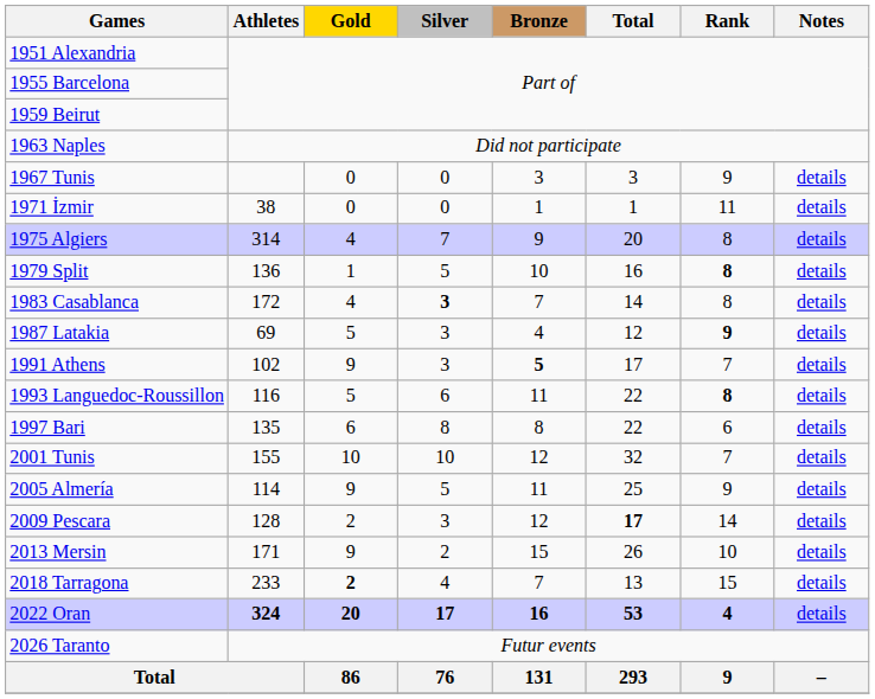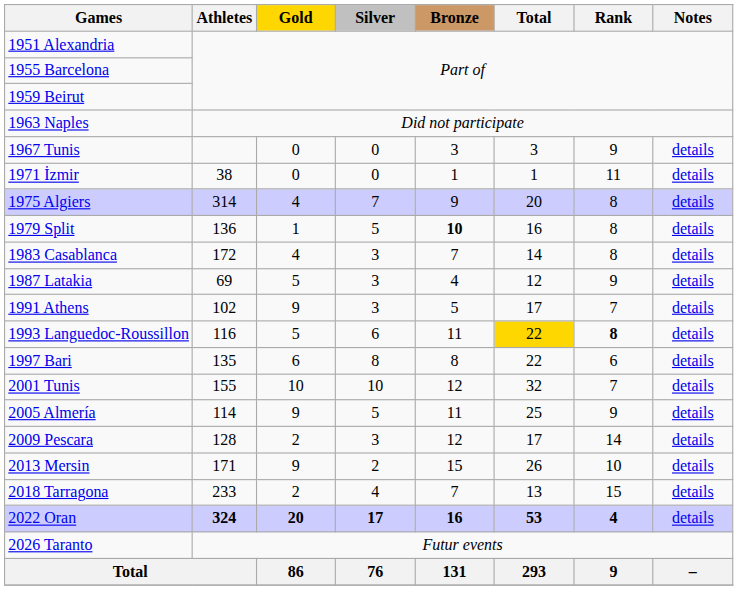 <table class="wikitable" style="font-size:90%; text-align:center;">
 <tr>
 <th>Games</th>
 <th>Athletes</th>
 <td style="background:gold; width:4.5em; font-weight:bold;">Gold</td>
 <td style="background:silver; width:4.5em; font-weight:bold;">Silver</td>
 <td style="background:#cc9966; width:4.5em; font-weight:bold;">Bronze</td>
 <th style="width:4.5em; font-weight:bold;">Total</th>
 <th style="width:4.5em; font-weight:bold;">Rank</th>
 <th style="width:4.5em; font-weight:bold;">Notes</th>
 </tr>
 <tr>
 <td align=left> <a href='#'>1951 Alexandria</a></td>
 <td colspan=7 rowspan=3><em>Part of </em></td>
 </tr>
 <tr>
 <td align=left> <a href='#'>1955 Barcelona</a></td>
 </tr>
 <tr>
 <td align=left> <a href='#'>1959 Beirut</a></td>
 </tr>
 <tr>
 <td align=left> <a href='#'>1963 Naples</a></td>
 <td colspan=7><em>Did not participate</em></td>
 </tr>
 <tr>
 <td align=left> <a href='#'>1967 Tunis</a></td>
 <td></td>
 <td>0</td>
 <td>0</td>
 <td>3</td>
 <td>3</td>
 <td>9</td>
 <td><a href='#'>details</a></td>
 </tr>
 <tr>
 <td align=left> <a href='#'>1971 İzmir</a></td>
 <td>38</td>
 <td>0</td>
 <td>0</td>
 <td>1</td>
 <td>1</td>
 <td>11</td>
 <td><a href='#'>details</a></td>
 </tr>
 <tr style="background:#ccccff">
 <td align=left> <a href='#'>1975 Algiers</a></td>
 <td>314</td>
 <td>4</td>
 <td>7</td>
 <td>9</td>
 <td>20</td>
 <td>8</td>
 <td><a href='#'>details</a></td>
 </tr>
 <tr>
 <td align=left> <a href='#'>1979 Split</a></td>
 <td>136</td>
 <td>1</td>
 <td>5</td>
-<td>10</td>
+<td><strong>10</strong></td>
 <td>16</td>
-<td><strong>8</strong></td>
+<td>8</td>
 <td><a href='#'>details</a></td>
 </tr>
 <tr>
 <td align=left> <a href='#'>1983 Casablanca</a></td>
 <td>172</td>
 <td>4</td>
-<td><strong>3</strong></td>
+<td>3</td>
 <td>7</td>
 <td>14</td>
 <td>8</td>
 <td><a href='#'>details</a></td>
 </tr>
 <tr>
 <td align=left> <a href='#'>1987 Latakia</a></td>
 <td>69</td>
 <td>5</td>
 <td>3</td>
 <td>4</td>
 <td>12</td>
-<td><strong>9</strong></td>
+<td>9</td>
 <td><a href='#'>details</a></td>
 </tr>
 <tr>
 <td align=left> <a href='#'>1991 Athens</a></td>
 <td>102</td>
 <td>9</td>
 <td>3</td>
-<td><strong>5</strong></td>
+<td>5</td>
 <td>17</td>
 <td>7</td>
 <td><a href='#'>details</a></td>
 </tr>
 <tr>
 <td align=left> <a href='#'>1993 Languedoc-Roussillon</a></td>
 <td>116</td>
 <td>5</td>
 <td>6</td>
 <td>11</td>
-<td>22</td>
+<td style="background: gold;">22</td>
 <td><strong>8</strong></td>
 <td><a href='#'>details</a></td>
 </tr>
 <tr>
 <td align=left> <a href='#'>1997 Bari</a></td>
 <td>135</td>
 <td>6</td>
 <td>8</td>
 <td>8</td>
 <td>22</td>
 <td>6</td>
 <td><a href='#'>details</a></td>
 </tr>
 <tr>
 <td align=left> <a href='#'>2001 Tunis</a></td>
 <td>155</td>
 <td>10</td>
 <td>10</td>
 <td>12</td>
 <td>32</td>
 <td>7</td>
 <td><a href='#'>details</a></td>
 </tr>
 <tr>
 <td align=left> <a href='#'>2005 Almería</a></td>
 <td>114</td>
 <td>9</td>
 <td>5</td>
 <td>11</td>
 <td>25</td>
 <td>9</td>
 <td><a href='#'>details</a></td>
 </tr>
 <tr>
 <td align=left> <a href='#'>2009 Pescara</a></td>
 <td>128</td>
 <td>2</td>
 <td>3</td>
 <td>12</td>
-<td><strong>17</strong></td>
+<td>17</td>
 <td>14</td>
 <td><a href='#'>details</a></td>
 </tr>
 <tr>
 <td align=left> <a href='#'>2013 Mersin</a></td>
 <td>171</td>
 <td>9</td>
 <td>2</td>
 <td>15</td>
 <td>26</td>
 <td>10</td>
 <td><a href='#'>details</a></td>
 </tr>
 <tr>
 <td align=left> <a href='#'>2018 Tarragona</a></td>
 <td>233</td>
-<td><strong>2</strong></td>
+<td>2</td>
 <td>4</td>
 <td>7</td>
 <td>13</td>
 <td>15</td>
 <td><a href='#'>details</a></td>
 </tr>
 <tr style="background:#ccccff">
 <td align=left> <a href='#'>2022 Oran</a></td>
 <td><strong>324</strong></td>
 <td><strong>20</strong></td>
 <td><strong>17</strong></td>
 <td><strong>16</strong></td>
 <td><strong>53</strong></td>
 <td><strong>4</strong></td>
 <td><a href='#'>details</a></td>
 </tr>
 <tr>
 <td align=left> <a href='#'>2026 Taranto</a></td>
 <td colspan=7><em>Futur events</em></td>
 </tr>
 <tr style="width:4em;">
 <th colspan=2>Total</th>
 <th>86</th>
 <th>76</th>
 <th>131</th>
 <th>293</th>
 <th>9</th>
 <th>–</th>
 </tr>
 <tr class="sortbottom">
 </tr>
 </table>
